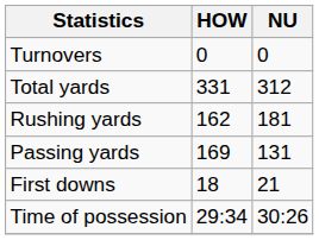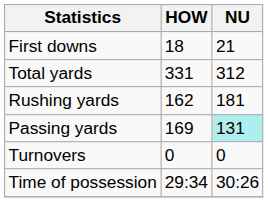 <table class="wikitable">
 <tr>
 <th>Statistics</th>
 <th>HOW</th>
 <th>NU</th>
 </tr>
 <tr>
-<td>Turnovers</td>
-<td>0</td>
-<td>0</td>
+<td>First downs</td>
+<td>18</td>
+<td>21</td>
 </tr>
 <tr>
 <td>Total yards</td>
 <td>331</td>
 <td>312</td>
 </tr>
 <tr>
 <td>Rushing yards</td>
 <td>162</td>
 <td>181</td>
 </tr>
 <tr>
 <td>Passing yards</td>
 <td>169</td>
-<td>131</td>
+<td style="background: paleturquoise;">131</td>
 </tr>
 <tr>
-<td>First downs</td>
-<td>18</td>
-<td>21</td>
+<td>Turnovers</td>
+<td>0</td>
+<td>0</td>
 </tr>
 <tr>
 <td>Time of possession</td>
 <td>29:34</td>
 <td>30:26</td>
 </tr>
 <tr>
 </tr>
 </table>
